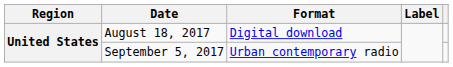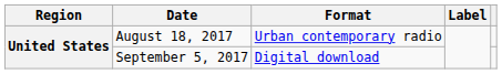 <table class="wikitable">
 <tr>
 <th scope="col">Region</th>
 <th scope="col">Date</th>
 <th scope="col">Format</th>
 <th scope="col">Label</th>
 <th scope="col" colspan="2"></th>
 </tr>
 <tr>
 <th scope="row" rowspan="2">United States</th>
 <td>August 18, 2017</td>
-<td><a href='#'>Digital download</a></td>
+<td><a href='#'>Urban contemporary</a> radio</td>
 <td rowspan="2"></td>
 <td></td>
 </tr>
 <tr>
 <td>September 5, 2017</td>
-<td><a href='#'>Urban contemporary</a> radio</td>
+<td><a href='#'>Digital download</a></td>
 <td></td>
 </tr>
 </table>
